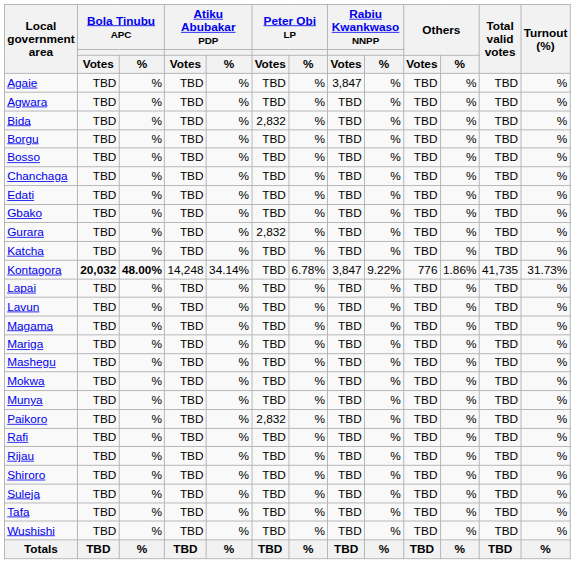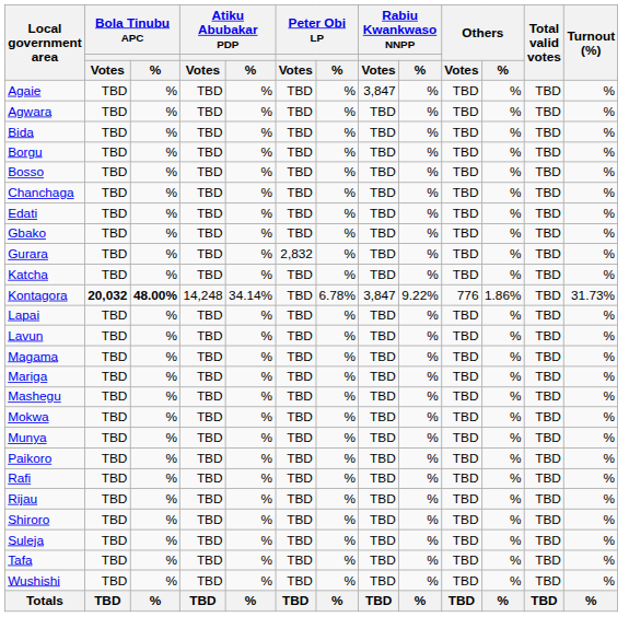 <table class="wikitable sortable" style="text-align:right; font-size:90%">
 <tr>
 <th rowspan="3" style="max-width:7.5em;">Local government area</th>
 <th colspan="2"><a href='#'>Bola Tinubu</a><br><small>APC</small></th>
 <th colspan="2"><a href='#'>Atiku Abubakar</a><br><small>PDP</small></th>
 <th colspan="2"><a href='#'>Peter Obi</a><br><small>LP</small></th>
 <th colspan="2"><a href='#'>Rabiu Kwankwaso</a><br><small>NNPP</small></th>
 <th colspan="2" rowspan="2">Others</th>
 <th rowspan="3" style="max-width:5em;">Total valid votes</th>
 <th rowspan="3" style="max-width:5em;">Turnout (%)</th>
 </tr>
 <tr>
 <th colspan=2 style="background-color:"></th>
 <th colspan=2 style="background-color:"></th>
 <th colspan=2 style="background-color:"></th>
 <th colspan=2 style="background-color:"></th>
 </tr>
 <tr>
 <th>Votes</th>
 <th>%</th>
 <th>Votes</th>
 <th>%</th>
 <th>Votes</th>
 <th>%</th>
 <th>Votes</th>
 <th>%</th>
 <th>Votes</th>
 <th>%</th>
 </tr>
 <tr style="background-color:#">
 <td style="text-align:left;"><a href='#'>Agaie</a></td>
 <td>TBD</td>
 <td>%</td>
 <td>TBD</td>
 <td>%</td>
 <td>TBD</td>
 <td>%</td>
 <td>3,847</td>
 <td>%</td>
 <td>TBD</td>
 <td>%</td>
 <td>TBD</td>
 <td>%</td>
 </tr>
 <tr style="background-color:#">
 <td style="text-align:left;"><a href='#'>Agwara</a></td>
 <td>TBD</td>
 <td>%</td>
 <td>TBD</td>
 <td>%</td>
 <td>TBD</td>
 <td>%</td>
 <td>TBD</td>
 <td>%</td>
 <td>TBD</td>
 <td>%</td>
 <td>TBD</td>
 <td>%</td>
 </tr>
 <tr style="background-color:#">
 <td style="text-align:left;"><a href='#'>Bida</a></td>
 <td>TBD</td>
 <td>%</td>
 <td>TBD</td>
 <td>%</td>
-<td>2,832</td>
+<td>TBD</td>
 <td>%</td>
 <td>TBD</td>
 <td>%</td>
 <td>TBD</td>
 <td>%</td>
 <td>TBD</td>
 <td>%</td>
 </tr>
 <tr style="background-color:#">
 <td style="text-align:left;"><a href='#'>Borgu</a></td>
 <td>TBD</td>
 <td>%</td>
 <td>TBD</td>
 <td>%</td>
 <td>TBD</td>
 <td>%</td>
 <td>TBD</td>
 <td>%</td>
 <td>TBD</td>
 <td>%</td>
 <td>TBD</td>
 <td>%</td>
 </tr>
 <tr style="background-color:#">
 <td style="text-align:left;"><a href='#'>Bosso</a></td>
 <td>TBD</td>
 <td>%</td>
 <td>TBD</td>
 <td>%</td>
 <td>TBD</td>
 <td>%</td>
 <td>TBD</td>
 <td>%</td>
 <td>TBD</td>
 <td>%</td>
 <td>TBD</td>
 <td>%</td>
 </tr>
 <tr style="background-color:#">
 <td style="text-align:left;"><a href='#'>Chanchaga</a></td>
 <td>TBD</td>
 <td>%</td>
 <td>TBD</td>
 <td>%</td>
 <td>TBD</td>
 <td>%</td>
 <td>TBD</td>
 <td>%</td>
 <td>TBD</td>
 <td>%</td>
 <td>TBD</td>
 <td>%</td>
 </tr>
 <tr style="background-color:#">
 <td style="text-align:left;"><a href='#'>Edati</a></td>
 <td>TBD</td>
 <td>%</td>
 <td>TBD</td>
 <td>%</td>
 <td>TBD</td>
 <td>%</td>
 <td>TBD</td>
 <td>%</td>
 <td>TBD</td>
 <td>%</td>
 <td>TBD</td>
 <td>%</td>
 </tr>
 <tr style="background-color:#">
 <td style="text-align:left;"><a href='#'>Gbako</a></td>
 <td>TBD</td>
 <td>%</td>
 <td>TBD</td>
 <td>%</td>
 <td>TBD</td>
 <td>%</td>
 <td>TBD</td>
 <td>%</td>
 <td>TBD</td>
 <td>%</td>
 <td>TBD</td>
 <td>%</td>
 </tr>
 <tr style="background-color:#">
 <td style="text-align:left;"><a href='#'>Gurara</a></td>
 <td>TBD</td>
 <td>%</td>
 <td>TBD</td>
 <td>%</td>
 <td>2,832</td>
 <td>%</td>
 <td>TBD</td>
 <td>%</td>
 <td>TBD</td>
 <td>%</td>
 <td>TBD</td>
 <td>%</td>
 </tr>
 <tr style="background-color:#">
 <td style="text-align:left;"><a href='#'>Katcha</a></td>
 <td>TBD</td>
 <td>%</td>
 <td>TBD</td>
 <td>%</td>
 <td>TBD</td>
 <td>%</td>
 <td>TBD</td>
 <td>%</td>
 <td>TBD</td>
 <td>%</td>
 <td>TBD</td>
 <td>%</td>
 </tr>
 <tr style="background-color:#">
 <td style="text-align:left;"><a href='#'>Kontagora</a></td>
 <td><strong>20,032</strong></td>
 <td><strong>48.00%</strong></td>
 <td>14,248</td>
 <td>34.14%</td>
 <td>TBD</td>
 <td>6.78%</td>
 <td>3,847</td>
 <td>9.22%</td>
 <td>776</td>
 <td>1.86%</td>
-<td>41,735</td>
+<td>TBD</td>
 <td>31.73%</td>
 </tr>
 <tr style="background-color:#">
 <td style="text-align:left;"><a href='#'>Lapai</a></td>
 <td>TBD</td>
 <td>%</td>
 <td>TBD</td>
 <td>%</td>
 <td>TBD</td>
 <td>%</td>
 <td>TBD</td>
 <td>%</td>
 <td>TBD</td>
 <td>%</td>
 <td>TBD</td>
 <td>%</td>
 </tr>
 <tr style="background-color:#">
 <td style="text-align:left;"><a href='#'>Lavun</a></td>
 <td>TBD</td>
 <td>%</td>
 <td>TBD</td>
 <td>%</td>
 <td>TBD</td>
 <td>%</td>
 <td>TBD</td>
 <td>%</td>
 <td>TBD</td>
 <td>%</td>
 <td>TBD</td>
 <td>%</td>
 </tr>
 <tr style="background-color:#">
 <td style="text-align:left;"><a href='#'>Magama</a></td>
 <td>TBD</td>
 <td>%</td>
 <td>TBD</td>
 <td>%</td>
 <td>TBD</td>
 <td>%</td>
 <td>TBD</td>
 <td>%</td>
 <td>TBD</td>
 <td>%</td>
 <td>TBD</td>
 <td>%</td>
 </tr>
 <tr style="background-color:#">
 <td style="text-align:left;"><a href='#'>Mariga</a></td>
 <td>TBD</td>
 <td>%</td>
 <td>TBD</td>
 <td>%</td>
 <td>TBD</td>
 <td>%</td>
 <td>TBD</td>
 <td>%</td>
 <td>TBD</td>
 <td>%</td>
 <td>TBD</td>
 <td>%</td>
 </tr>
 <tr style="background-color:#">
 <td style="text-align:left;"><a href='#'>Mashegu</a></td>
 <td>TBD</td>
 <td>%</td>
 <td>TBD</td>
 <td>%</td>
 <td>TBD</td>
 <td>%</td>
 <td>TBD</td>
 <td>%</td>
 <td>TBD</td>
 <td>%</td>
 <td>TBD</td>
 <td>%</td>
 </tr>
 <tr style="background-color:#">
 <td style="text-align:left;"><a href='#'>Mokwa</a></td>
 <td>TBD</td>
 <td>%</td>
 <td>TBD</td>
 <td>%</td>
 <td>TBD</td>
 <td>%</td>
 <td>TBD</td>
 <td>%</td>
 <td>TBD</td>
 <td>%</td>
 <td>TBD</td>
 <td>%</td>
 </tr>
 <tr style="background-color:#">
 <td style="text-align:left;"><a href='#'>Munya</a></td>
 <td>TBD</td>
 <td>%</td>
 <td>TBD</td>
 <td>%</td>
 <td>TBD</td>
 <td>%</td>
 <td>TBD</td>
 <td>%</td>
 <td>TBD</td>
 <td>%</td>
 <td>TBD</td>
 <td>%</td>
 </tr>
 <tr style="background-color:#">
 <td style="text-align:left;"><a href='#'>Paikoro</a></td>
 <td>TBD</td>
 <td>%</td>
 <td>TBD</td>
 <td>%</td>
-<td>2,832</td>
+<td>TBD</td>
 <td>%</td>
 <td>TBD</td>
 <td>%</td>
 <td>TBD</td>
 <td>%</td>
 <td>TBD</td>
 <td>%</td>
 </tr>
 <tr style="background-color:#">
 <td style="text-align:left;"><a href='#'>Rafi</a></td>
 <td>TBD</td>
 <td>%</td>
 <td>TBD</td>
 <td>%</td>
 <td>TBD</td>
 <td>%</td>
 <td>TBD</td>
 <td>%</td>
 <td>TBD</td>
 <td>%</td>
 <td>TBD</td>
 <td>%</td>
 </tr>
 <tr style="background-color:#">
 <td style="text-align:left;"><a href='#'>Rijau</a></td>
 <td>TBD</td>
 <td>%</td>
 <td>TBD</td>
 <td>%</td>
 <td>TBD</td>
 <td>%</td>
 <td>TBD</td>
 <td>%</td>
 <td>TBD</td>
 <td>%</td>
 <td>TBD</td>
 <td>%</td>
 </tr>
 <tr style="background-color:#">
 <td style="text-align:left;"><a href='#'>Shiroro</a></td>
 <td>TBD</td>
 <td>%</td>
 <td>TBD</td>
 <td>%</td>
 <td>TBD</td>
 <td>%</td>
 <td>TBD</td>
 <td>%</td>
 <td>TBD</td>
 <td>%</td>
 <td>TBD</td>
 <td>%</td>
 </tr>
 <tr style="background-color:#">
 <td style="text-align:left;"><a href='#'>Suleja</a></td>
 <td>TBD</td>
 <td>%</td>
 <td>TBD</td>
 <td>%</td>
 <td>TBD</td>
 <td>%</td>
 <td>TBD</td>
 <td>%</td>
 <td>TBD</td>
 <td>%</td>
 <td>TBD</td>
 <td>%</td>
 </tr>
 <tr style="background-color:#">
 <td style="text-align:left;"><a href='#'>Tafa</a></td>
 <td>TBD</td>
 <td>%</td>
 <td>TBD</td>
 <td>%</td>
 <td>TBD</td>
 <td>%</td>
 <td>TBD</td>
 <td>%</td>
 <td>TBD</td>
 <td>%</td>
 <td>TBD</td>
 <td>%</td>
 </tr>
 <tr style="background-color:#">
 <td style="text-align:left;"><a href='#'>Wushishi</a></td>
 <td>TBD</td>
 <td>%</td>
 <td>TBD</td>
 <td>%</td>
 <td>TBD</td>
 <td>%</td>
 <td>TBD</td>
 <td>%</td>
 <td>TBD</td>
 <td>%</td>
 <td>TBD</td>
 <td>%</td>
 </tr>
 <tr>
 <th>Totals</th>
 <th>TBD</th>
 <th>%</th>
 <th>TBD</th>
 <th>%</th>
 <th>TBD</th>
 <th>%</th>
 <th>TBD</th>
 <th>%</th>
 <th>TBD</th>
 <th>%</th>
 <th>TBD</th>
 <th>%</th>
 </tr>
 </table>
